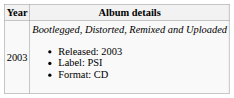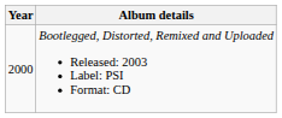 <table class="wikitable">
 <tr>
 <th>Year</th>
 <th>Album details</th>
 </tr>
 <tr>
-<td>2003</td>
+<td>2000</td>
 <td><em>Bootlegged, Distorted, Remixed and Uploaded</em><br><ul><li>Released: 2003</li><li>Label: PSI</li><li>Format: CD</li></ul></td>
 </tr>
 </table>
